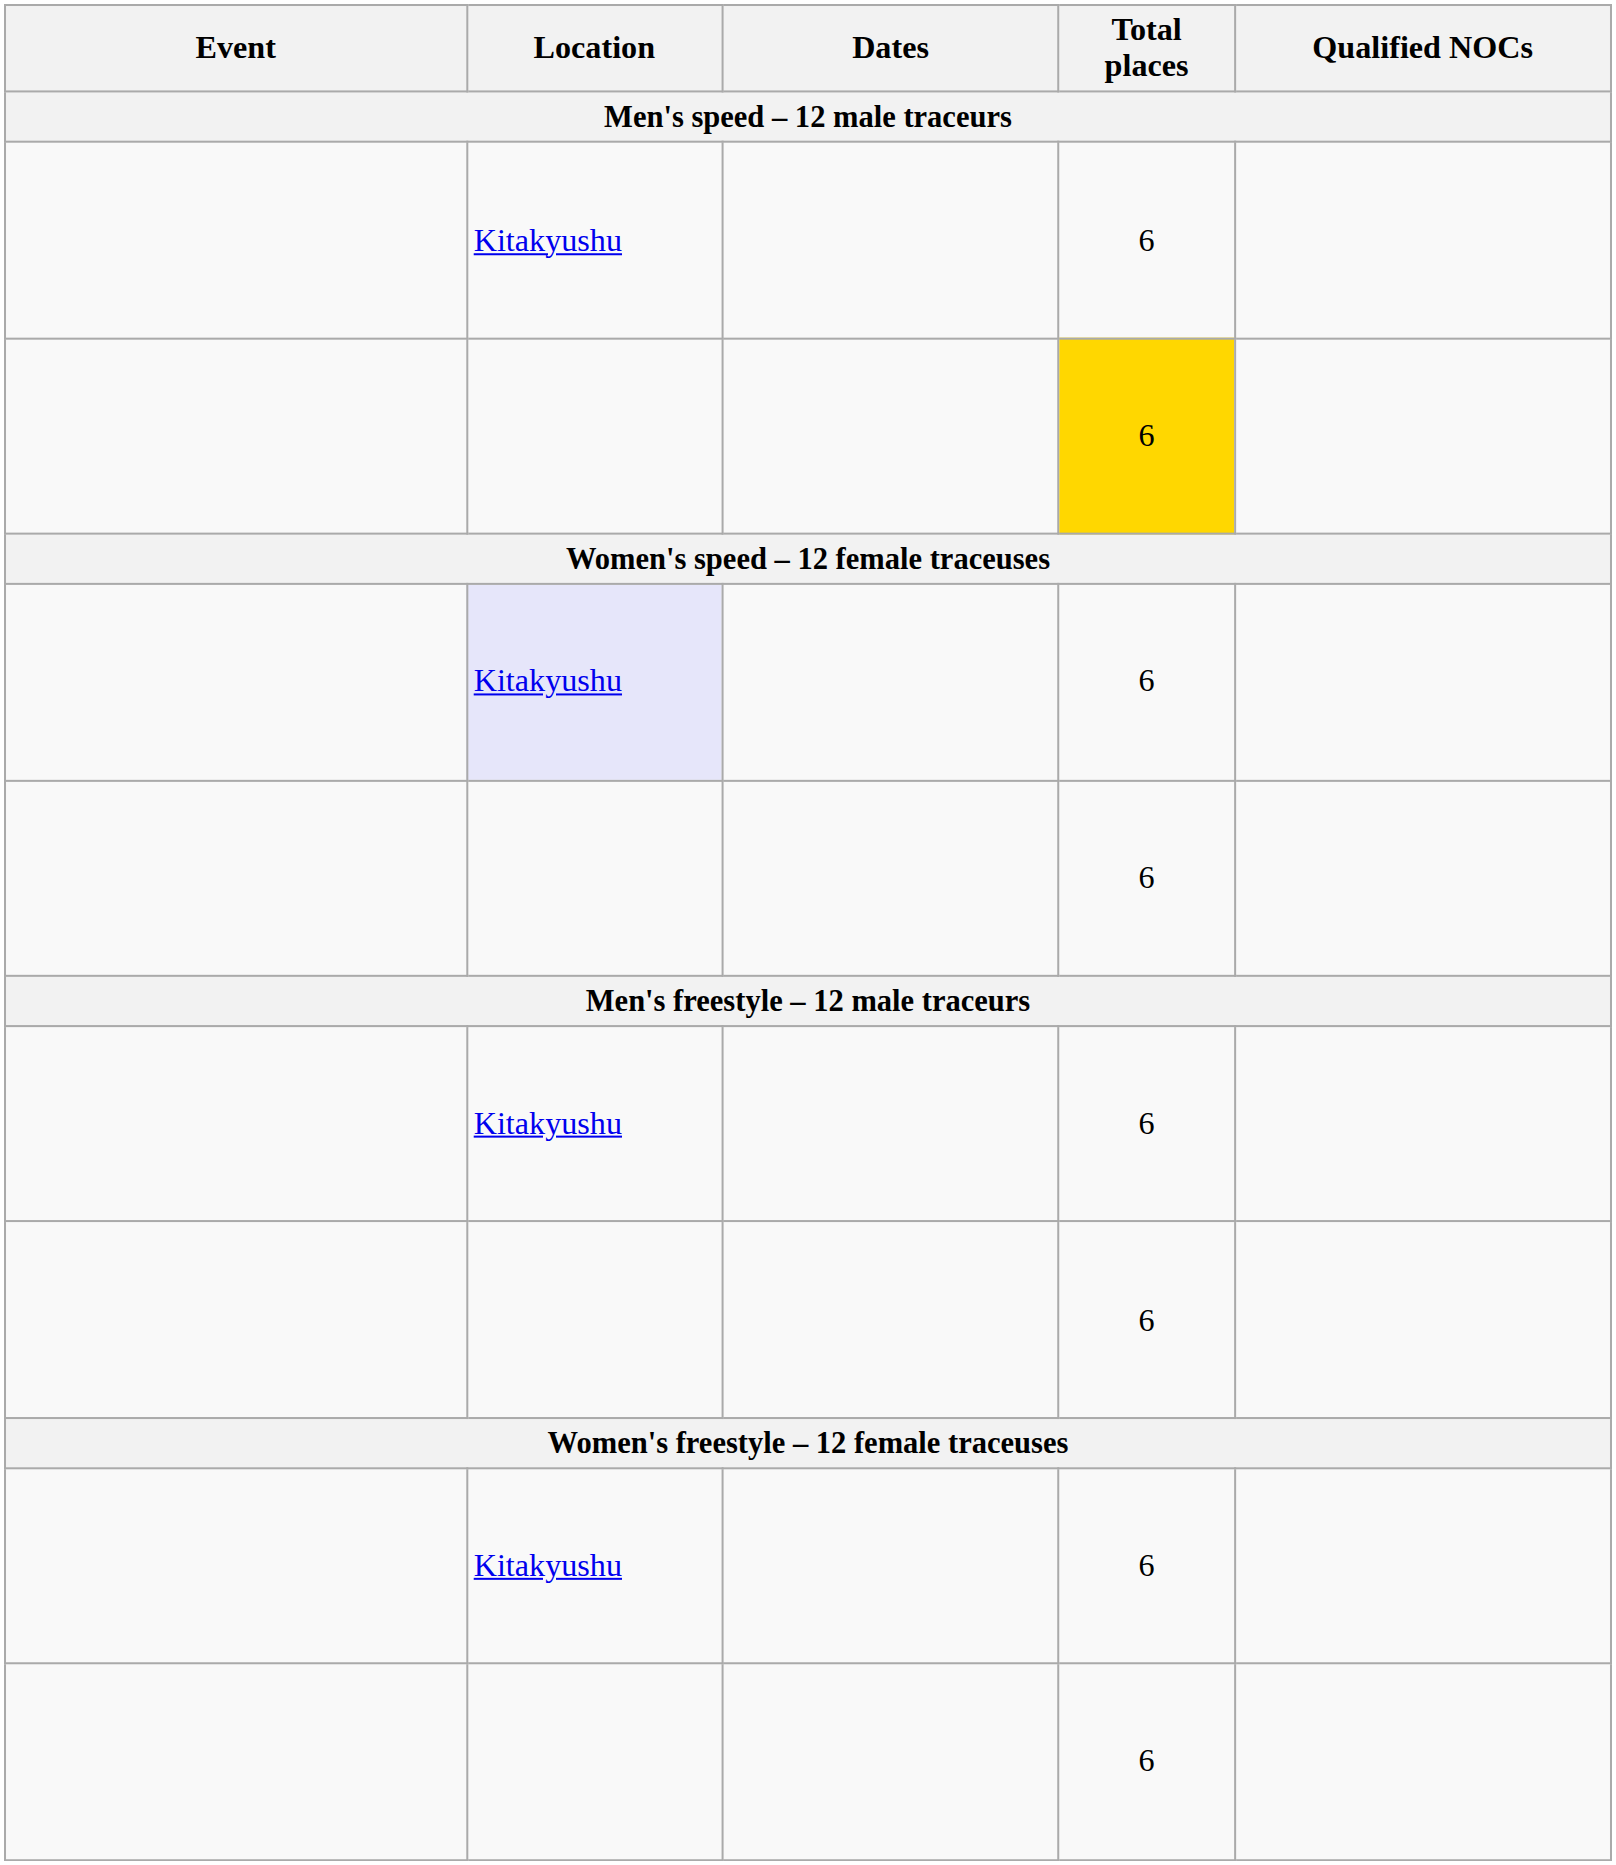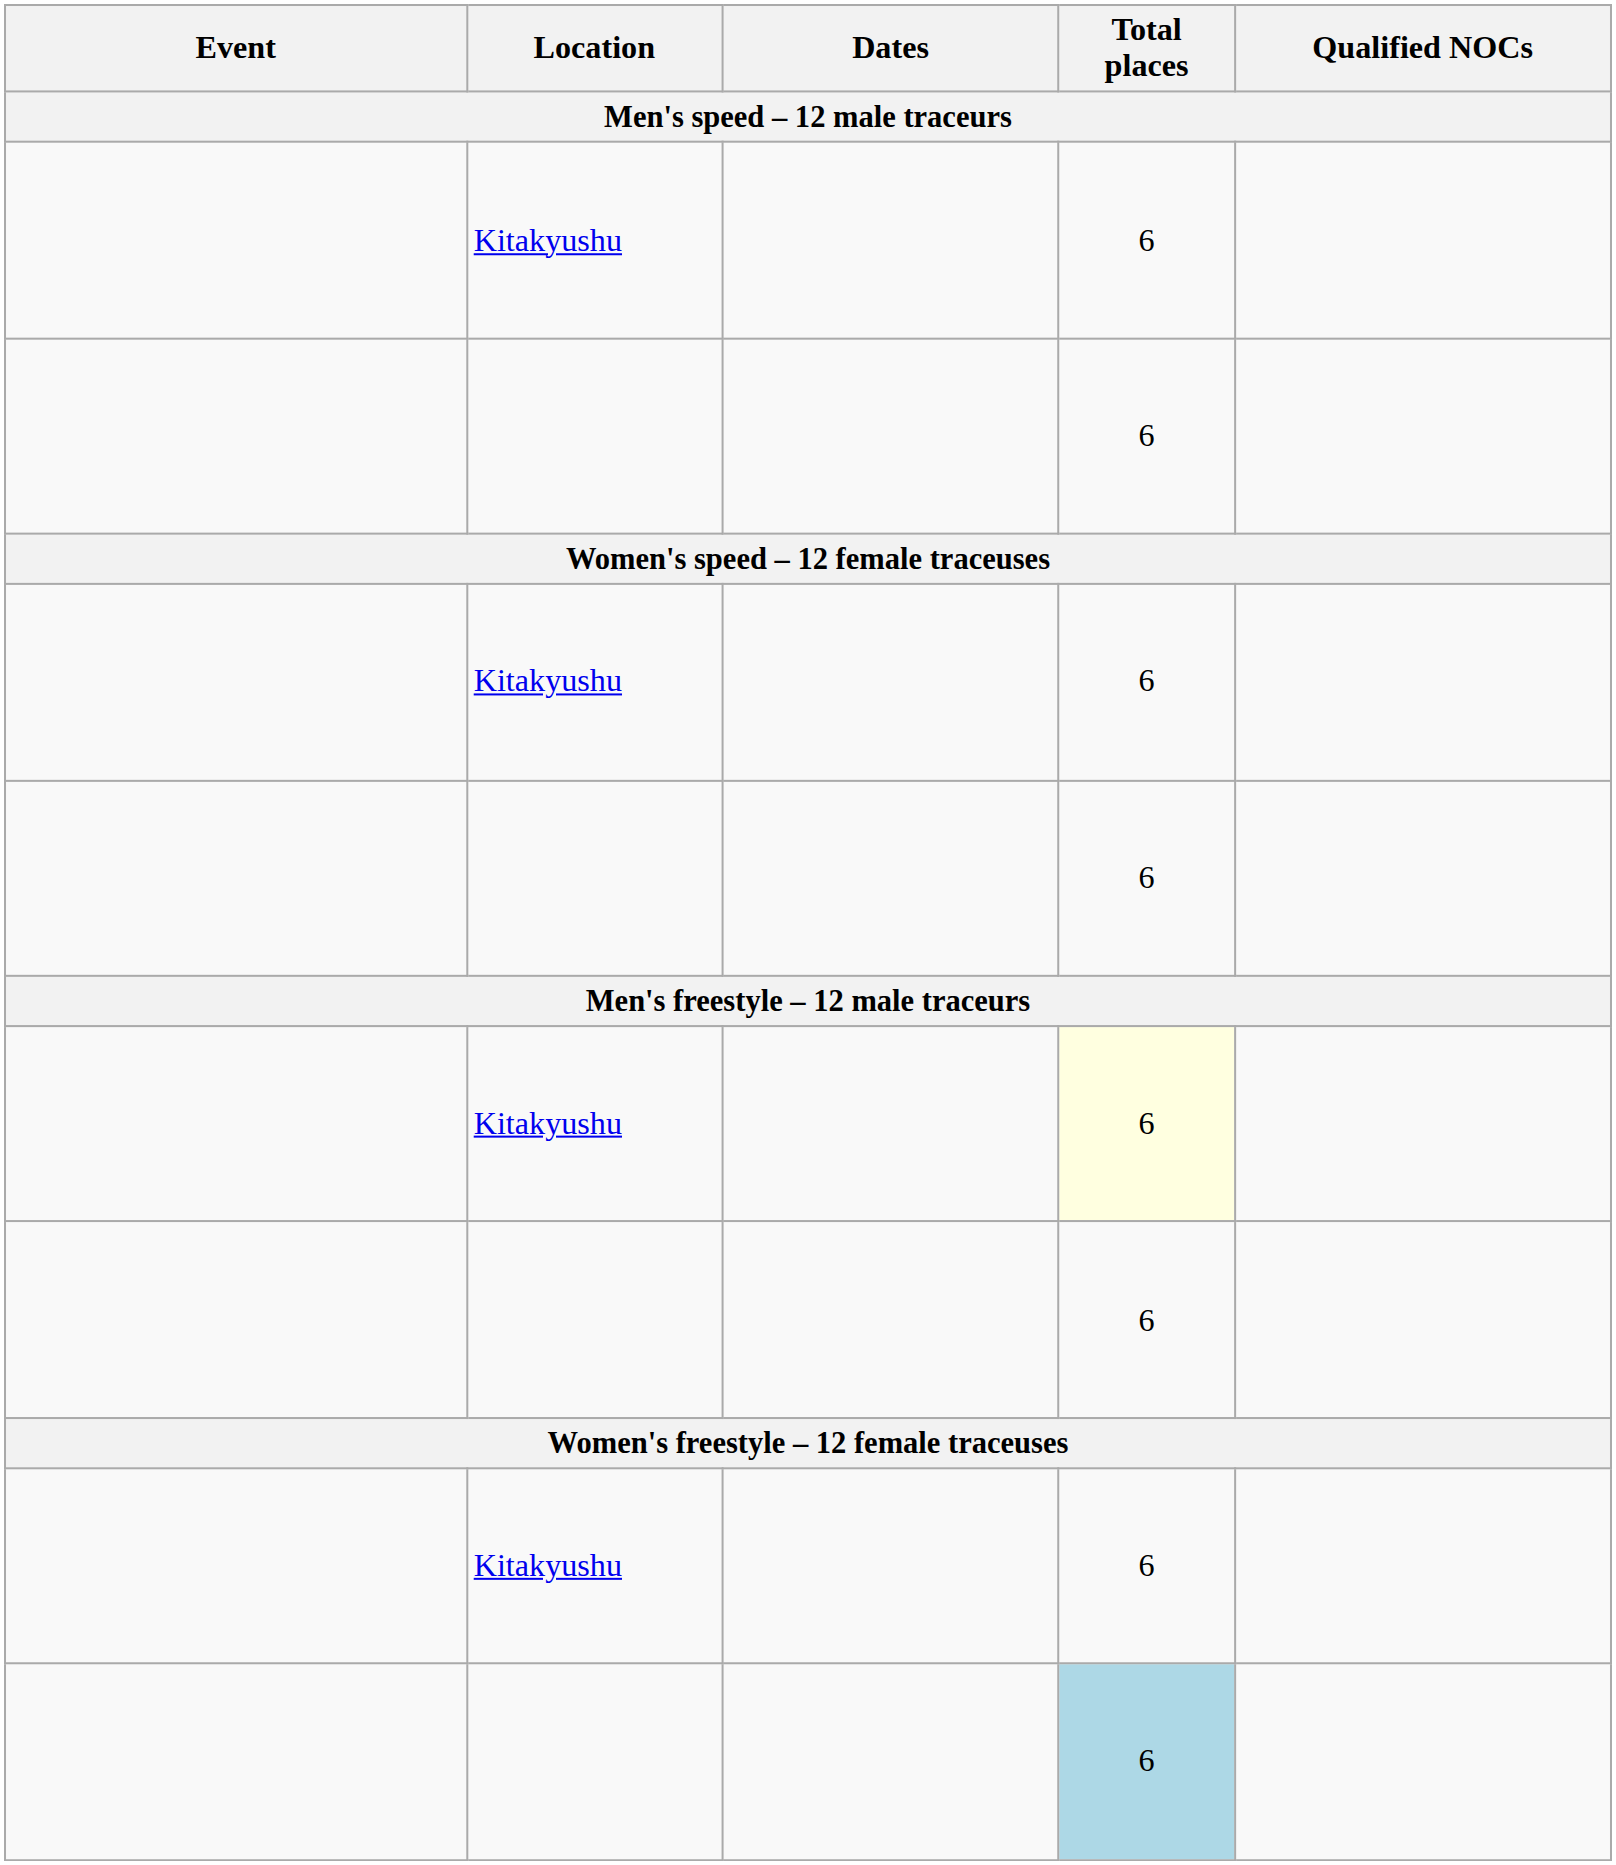 <table class="wikitable" width=800>
 <tr>
 <th>Event</th>
 <th width=120>Location</th>
 <th width=160>Dates</th>
 <th width=80>Total places</th>
 <th width=180>Qualified NOCs</th>
 </tr>
 <tr style="font-size:95%;">
 <th colspan=5>Men's speed – 12 male traceurs</th>
 </tr>
 <tr>
 <td></td>
 <td> <a href='#'>Kitakyushu</a></td>
 <td align="center"></td>
 <td align="center">6</td>
 <td><br><br><br><br><br></td>
 </tr>
 <tr>
 <td></td>
 <td></td>
 <td></td>
-<td align="center" style="background: gold;">6</td>
+<td align="center">6</td>
 <td><br><br><br><br><br></td>
 </tr>
 <tr style="font-size:95%;">
 <th colspan=5>Women's speed – 12 female traceuses</th>
 </tr>
 <tr>
 <td></td>
-<td style="background: lavender;"> <a href='#'>Kitakyushu</a></td>
+<td> <a href='#'>Kitakyushu</a></td>
 <td align="center"></td>
 <td align="center">6</td>
 <td><br><br><br><br><br></td>
 </tr>
 <tr>
 <td></td>
 <td></td>
 <td></td>
 <td align="center">6</td>
 <td><br><br><br><br><br></td>
 </tr>
 <tr style="font-size:95%;">
 <th colspan=5>Men's freestyle – 12 male traceurs</th>
 </tr>
 <tr>
 <td></td>
 <td> <a href='#'>Kitakyushu</a></td>
 <td align="center"></td>
-<td align="center">6</td>
+<td align="center" style="background: lightyellow;">6</td>
 <td><br><br><br><br><br></td>
 </tr>
 <tr>
 <td></td>
 <td></td>
 <td></td>
 <td align="center">6</td>
 <td><br><br><br><br><br></td>
 </tr>
 <tr style="font-size:95%;">
 <th colspan=5>Women's freestyle – 12 female traceuses</th>
 </tr>
 <tr>
 <td></td>
 <td> <a href='#'>Kitakyushu</a></td>
 <td align="center"></td>
 <td align="center">6</td>
 <td><br><br><br><br><br></td>
 </tr>
 <tr>
 <td></td>
 <td></td>
 <td></td>
-<td align="center">6</td>
+<td align="center" style="background: lightblue;">6</td>
 <td><br><br><br><br><br></td>
 </tr>
 </table>
